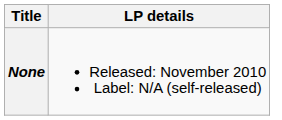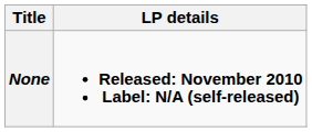 <table class="wikitable plainrowheaders" style="text-align:center;">
 <tr>
 <th scope="col">Title</th>
 <th scope="col">LP details</th>
 </tr>
 <tr>
 <th scope="row"><em>None</em></th>
-<td><br><ul><li>Released: November 2010</li><li>Label: N/A (self-released)</li></ul></td>
+<td><strong><br><ul><li>Released: November 2010</li><li>Label: N/A (self-released)</li></ul></strong></td>
 </tr>
 </table>
